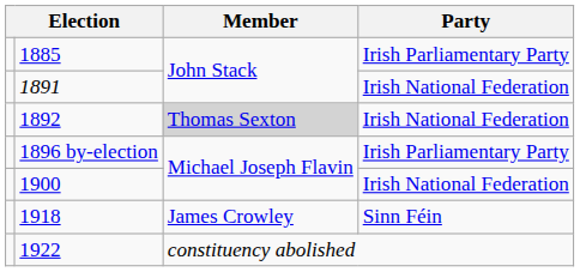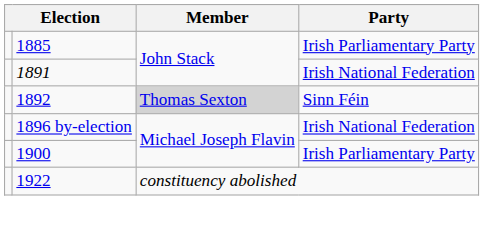 <table class="wikitable">
 <tr>
 <th colspan="2">Election</th>
 <th>Member</th>
 <th>Party</th>
 </tr>
 <tr>
 <td style="background-color: "></td>
 <td><a href='#'>1885</a></td>
 <td rowspan="2"><a href='#'>John Stack</a></td>
 <td><a href='#'>Irish Parliamentary Party</a></td>
 </tr>
 <tr>
 <td style="background-color: "></td>
 <td><em>1891</em></td>
 <td><a href='#'>Irish National Federation</a></td>
 </tr>
 <tr>
 <td style="background-color: "></td>
 <td><a href='#'>1892</a></td>
 <td style="background: lightgrey;"><a href='#'>Thomas Sexton</a></td>
-<td><a href='#'>Irish National Federation</a></td>
+<td><a href='#'>Sinn Féin</a></td>
 </tr>
 <tr>
 <td style="background-color: "></td>
 <td><a href='#'>1896 by-election</a></td>
 <td rowspan="2"><a href='#'>Michael Joseph Flavin</a></td>
-<td><a href='#'>Irish Parliamentary Party</a></td>
+<td><a href='#'>Irish National Federation</a></td>
 </tr>
 <tr>
 <td style="background-color: "></td>
 <td><a href='#'>1900</a></td>
-<td><a href='#'>Irish National Federation</a></td>
-</tr>
-<tr>
-<td style="background-color: "></td>
-<td><a href='#'>1918</a></td>
-<td><a href='#'>James Crowley</a></td>
-<td><a href='#'>Sinn Féin</a></td>
+<td><a href='#'>Irish Parliamentary Party</a></td>
 </tr>
 <tr>
 <td></td>
 <td><a href='#'>1922</a></td>
 <td colspan="2"><em>constituency abolished</em></td>
 </tr>
 </table>
